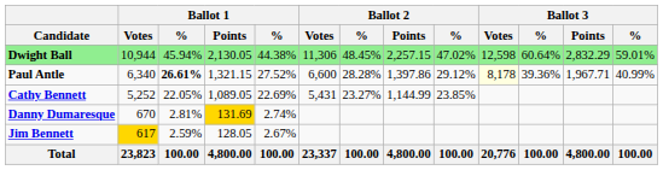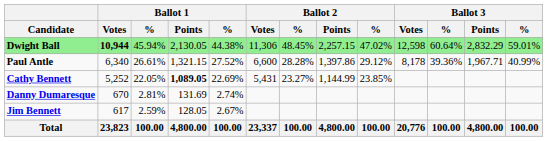 <table class="wikitable">
 <tr>
 <th></th>
 <th colspan = "4">Ballot 1</th>
 <th colspan = "4">Ballot 2</th>
 <th colspan = "4">Ballot 3</th>
 </tr>
 <tr>
 <th>Candidate</th>
 <th>Votes</th>
 <th>%</th>
 <th>Points</th>
 <th>%</th>
 <th>Votes</th>
 <th>%</th>
 <th>Points</th>
 <th>%</th>
 <th>Votes</th>
 <th>%</th>
 <th>Points</th>
 <th>%</th>
 </tr>
 <tr style="text-align:right;background:lightgreen;">
 <td align=left><strong>Dwight Ball</strong></td>
-<td>10,944</td>
+<td><strong>10,944</strong></td>
 <td>45.94%</td>
 <td>2,130.05</td>
 <td>44.38%</td>
 <td>11,306</td>
 <td>48.45%</td>
 <td>2,257.15</td>
 <td>47.02%</td>
 <td>12,598</td>
 <td>60.64%</td>
 <td>2,832.29</td>
 <td>59.01%</td>
 </tr>
 <tr style="text-align:right;">
 <td align=left><strong>Paul Antle</strong></td>
 <td>6,340</td>
-<td><strong>26.61%</strong></td>
+<td>26.61%</td>
 <td>1,321.15</td>
 <td>27.52%</td>
 <td>6,600</td>
 <td>28.28%</td>
 <td>1,397.86</td>
 <td>29.12%</td>
-<td style="background: lightyellow;">8,178</td>
+<td>8,178</td>
 <td>39.36%</td>
 <td>1,967.71</td>
 <td>40.99%</td>
 </tr>
 <tr style="text-align:right;">
 <td align=left><strong><a href='#'>Cathy Bennett</a></strong></td>
 <td>5,252</td>
 <td>22.05%</td>
-<td>1,089.05</td>
+<td><strong>1,089.05</strong></td>
 <td>22.69%</td>
 <td>5,431</td>
 <td>23.27%</td>
 <td>1,144.99</td>
 <td>23.85%</td>
 <td></td>
 <td></td>
 <td></td>
 <td></td>
 </tr>
 <tr style="text-align:right;">
 <td align=left><strong><a href='#'>Danny Dumaresque</a></strong></td>
 <td>670</td>
 <td>2.81%</td>
-<td style="background: gold;">131.69</td>
+<td>131.69</td>
 <td>2.74%</td>
 <td></td>
 <td></td>
 <td></td>
 <td></td>
 <td></td>
 <td></td>
 <td></td>
 <td></td>
 </tr>
 <tr style="text-align:right;">
 <td align=left><strong><a href='#'>Jim Bennett</a></strong></td>
-<td style="background: gold;">617</td>
+<td>617</td>
 <td>2.59%</td>
 <td>128.05</td>
 <td>2.67%</td>
 <td></td>
 <td></td>
 <td></td>
 <td></td>
 <td></td>
 <td></td>
 <td></td>
 <td></td>
 </tr>
 <tr style="text-align:right;">
 <th>Total</th>
 <th>23,823</th>
 <th>100.00</th>
 <th>4,800.00</th>
 <th>100.00</th>
 <th>23,337</th>
 <th>100.00</th>
 <th>4,800.00</th>
 <th>100.00</th>
 <th>20,776</th>
 <th>100.00</th>
 <th>4,800.00</th>
 <th>100.00</th>
 </tr>
 </table>
